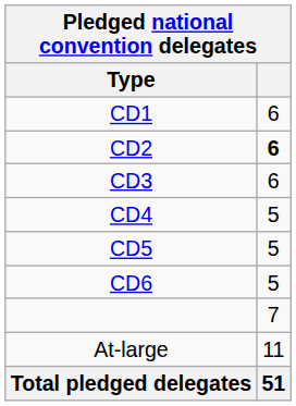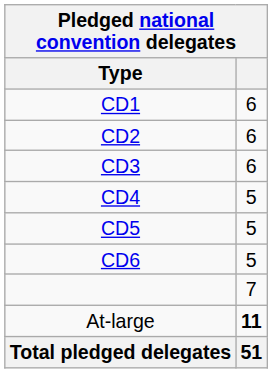 <table class="wikitable sortable" style="font-size:90%;text-align:center;float:right;padding:5px;">
 <tr>
 <th colspan="2">Pledged <a href='#'>national<br>convention</a> delegates</th>
 </tr>
 <tr>
 <th>Type</th>
 <th></th>
 </tr>
 <tr>
 <td><a href='#'>CD1</a></td>
 <td>6</td>
 </tr>
 <tr>
 <td><a href='#'>CD2</a></td>
-<td><strong>6</strong></td>
+<td>6</td>
 </tr>
 <tr>
 <td><a href='#'>CD3</a></td>
 <td>6</td>
 </tr>
 <tr>
 <td><a href='#'>CD4</a></td>
 <td>5</td>
 </tr>
 <tr>
 <td><a href='#'>CD5</a></td>
 <td>5</td>
 </tr>
 <tr>
 <td><a href='#'>CD6</a></td>
 <td>5</td>
 </tr>
 <tr>
 <td></td>
 <td>7</td>
 </tr>
 <tr>
 <td>At-large</td>
-<td>11</td>
+<td><strong>11</strong></td>
 </tr>
 <tr>
 <th>Total pledged delegates</th>
 <th>51</th>
 </tr>
 </table>
